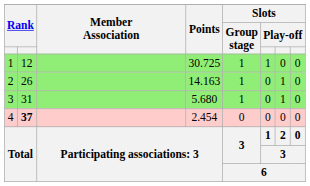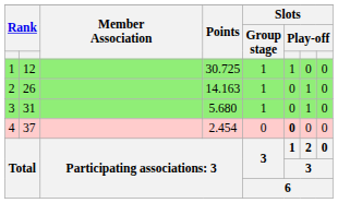 <table class="wikitable" style="text-align:center">
 <tr>
 </tr>
 <tr>
 <th colspan=2 rowspan=2><a href='#'>Rank</a></th>
 <th rowspan=3 width=200>Member<br>Association</th>
 <th rowspan=3>Points</th>
 <th colspan=4>Slots</th>
 </tr>
 <tr>
 <th rowspan=2>Group<br>stage</th>
 <th colspan=3>Play-off</th>
 </tr>
 <tr>
 <th></th>
 <th></th>
 <th></th>
 <th></th>
 <th></th>
 </tr>
 <tr bgcolor=#90ee77>
 <td>1</td>
 <td>12</td>
 <td align=left></td>
 <td>30.725</td>
 <td>1</td>
 <td>1</td>
 <td>0</td>
 <td>0</td>
 </tr>
 <tr bgcolor=#90ee77>
 <td>2</td>
 <td>26</td>
 <td align=left></td>
 <td>14.163</td>
 <td>1</td>
 <td>0</td>
 <td>1</td>
 <td>0</td>
 </tr>
 <tr bgcolor=#90ee77>
 <td>3</td>
 <td>31</td>
 <td align=left></td>
 <td>5.680</td>
 <td>1</td>
 <td>0</td>
 <td>1</td>
 <td>0</td>
 </tr>
 <tr bgcolor=#ffcccc>
 <td>4</td>
-<td><strong>37</strong></td>
+<td>37</td>
 <td align=left></td>
 <td>2.454</td>
 <td>0</td>
-<td>0</td>
+<td><strong>0</strong></td>
 <td>0</td>
 <td>0</td>
 </tr>
 <tr>
 <th colspan=2 rowspan=3>Total</th>
 <th colspan=2 rowspan=3>Participating associations: 3</th>
 <th rowspan=2>3</th>
 <th>1</th>
 <th>2</th>
 <th>0</th>
 </tr>
 <tr>
 <th colspan=3>3</th>
 </tr>
 <tr>
 <th colspan=4>6</th>
 </tr>
 </table>
